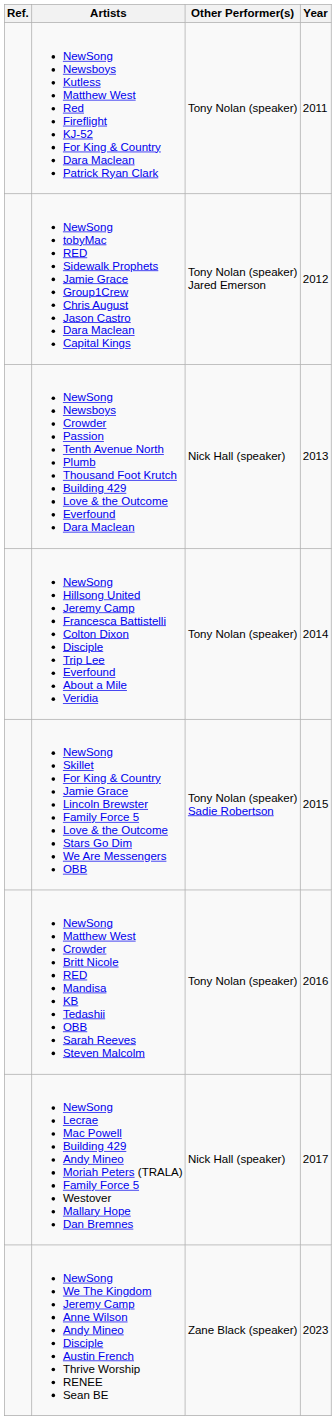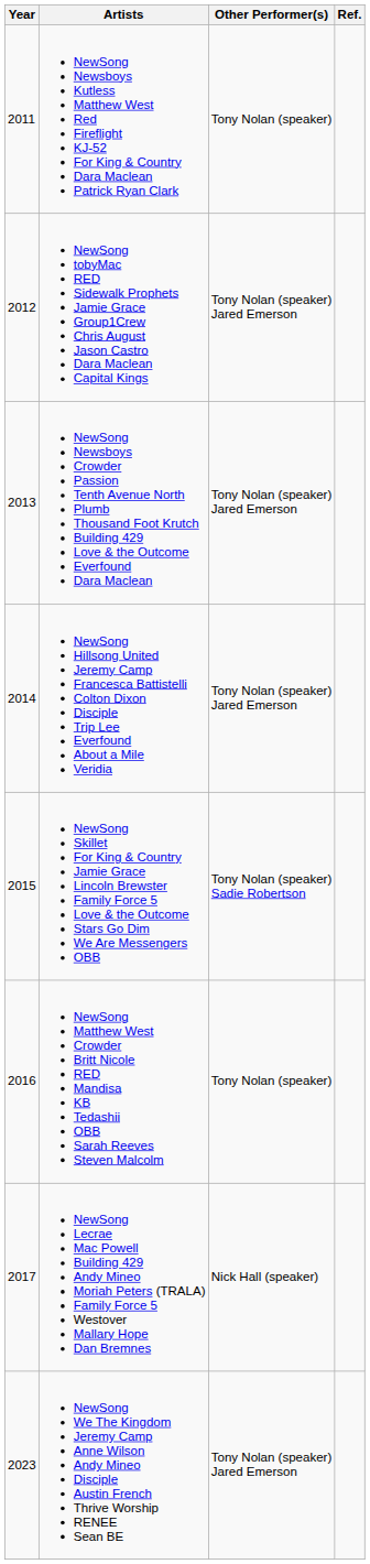 <table class="wikitable">
 <tr>
-<th>Ref.</th>
+<th>Year</th>
 <th>Artists</th>
 <th>Other Performer(s)</th>
-<th>Year</th>
+<th>Ref.</th>
 </tr>
 <tr>
-<td></td>
+<td>2011</td>
 <td><br><ul><li><a href='#'>NewSong</a></li><li><a href='#'>Newsboys</a></li><li><a href='#'>Kutless</a></li><li><a href='#'>Matthew West</a></li><li><a href='#'>Red</a></li><li><a href='#'>Fireflight</a></li><li><a href='#'>KJ-52</a></li><li><a href='#'>For King & Country</a></li><li><a href='#'>Dara Maclean</a></li><li><a href='#'>Patrick Ryan Clark</a></li></ul></td>
 <td>Tony Nolan (speaker)</td>
-<td>2011</td>
+<td></td>
 </tr>
 <tr>
-<td></td>
+<td>2012</td>
 <td><br><ul><li><a href='#'>NewSong</a></li><li><a href='#'>tobyMac</a></li><li><a href='#'>RED</a></li><li><a href='#'>Sidewalk Prophets</a></li><li><a href='#'>Jamie Grace</a></li><li><a href='#'>Group1Crew</a></li><li><a href='#'>Chris August</a></li><li><a href='#'>Jason Castro</a></li><li><a href='#'>Dara Maclean</a></li><li><a href='#'>Capital Kings</a></li></ul></td>
 <td>Tony Nolan (speaker)<br>Jared Emerson</td>
-<td>2012</td>
+<td></td>
 </tr>
 <tr>
+<td>2013</td>
+<td><br><ul><li><a href='#'>NewSong</a></li><li><a href='#'>Newsboys</a></li><li><a href='#'>Crowder</a></li><li><a href='#'>Passion</a></li><li><a href='#'>Tenth Avenue North</a></li><li><a href='#'>Plumb</a></li><li><a href='#'>Thousand Foot Krutch</a></li><li><a href='#'>Building 429</a></li><li><a href='#'>Love & the Outcome</a></li><li><a href='#'>Everfound</a></li><li><a href='#'>Dara Maclean</a></li></ul></td>
+<td>Tony Nolan (speaker)<br>Jared Emerson</td>
 <td></td>
-<td><br><ul><li><a href='#'>NewSong</a></li><li><a href='#'>Newsboys</a></li><li><a href='#'>Crowder</a></li><li><a href='#'>Passion</a></li><li><a href='#'>Tenth Avenue North</a></li><li><a href='#'>Plumb</a></li><li><a href='#'>Thousand Foot Krutch</a></li><li><a href='#'>Building 429</a></li><li><a href='#'>Love & the Outcome</a></li><li><a href='#'>Everfound</a></li><li><a href='#'>Dara Maclean</a></li></ul></td>
-<td>Nick Hall (speaker)</td>
-<td>2013</td>
 </tr>
 <tr>
+<td>2014</td>
+<td><br><ul><li><a href='#'>NewSong</a></li><li><a href='#'>Hillsong United</a></li><li><a href='#'>Jeremy Camp</a></li><li><a href='#'>Francesca Battistelli</a></li><li><a href='#'>Colton Dixon</a></li><li><a href='#'>Disciple</a></li><li><a href='#'>Trip Lee</a></li><li><a href='#'>Everfound</a></li><li><a href='#'>About a Mile</a></li><li><a href='#'>Veridia</a></li></ul></td>
+<td>Tony Nolan (speaker)<br>Jared Emerson</td>
 <td></td>
-<td><br><ul><li><a href='#'>NewSong</a></li><li><a href='#'>Hillsong United</a></li><li><a href='#'>Jeremy Camp</a></li><li><a href='#'>Francesca Battistelli</a></li><li><a href='#'>Colton Dixon</a></li><li><a href='#'>Disciple</a></li><li><a href='#'>Trip Lee</a></li><li><a href='#'>Everfound</a></li><li><a href='#'>About a Mile</a></li><li><a href='#'>Veridia</a></li></ul></td>
-<td>Tony Nolan (speaker)</td>
-<td>2014</td>
 </tr>
 <tr>
-<td></td>
+<td>2015</td>
 <td><br><ul><li><a href='#'>NewSong</a></li><li><a href='#'>Skillet</a></li><li><a href='#'>For King & Country</a></li><li><a href='#'>Jamie Grace</a></li><li><a href='#'>Lincoln Brewster</a></li><li><a href='#'>Family Force 5</a></li><li><a href='#'>Love & the Outcome</a></li><li><a href='#'>Stars Go Dim</a></li><li><a href='#'>We Are Messengers</a></li><li><a href='#'>OBB</a></li></ul></td>
 <td>Tony Nolan (speaker)<br><a href='#'>Sadie Robertson</a></td>
-<td>2015</td>
+<td></td>
 </tr>
 <tr>
-<td><br></td>
+<td>2016</td>
 <td><br><ul><li><a href='#'>NewSong</a></li><li><a href='#'>Matthew West</a></li><li><a href='#'>Crowder</a></li><li><a href='#'>Britt Nicole</a></li><li><a href='#'>RED</a></li><li><a href='#'>Mandisa</a></li><li><a href='#'>KB</a></li><li><a href='#'>Tedashii</a></li><li><a href='#'>OBB</a></li><li><a href='#'>Sarah Reeves</a></li><li><a href='#'>Steven Malcolm</a></li></ul></td>
 <td>Tony Nolan (speaker)</td>
-<td>2016</td>
+<td><br></td>
 </tr>
 <tr>
-<td></td>
+<td>2017</td>
 <td><br><ul><li><a href='#'>NewSong</a></li><li><a href='#'>Lecrae</a></li><li><a href='#'>Mac Powell</a></li><li><a href='#'>Building 429</a></li><li><a href='#'>Andy Mineo</a></li><li><a href='#'>Moriah Peters</a> (TRALA)</li><li><a href='#'>Family Force 5</a></li><li>Westover</li><li><a href='#'>Mallary Hope</a></li><li><a href='#'>Dan Bremnes</a></li></ul></td>
 <td>Nick Hall (speaker)</td>
-<td>2017</td>
+<td></td>
 </tr>
 <tr>
+<td>2023</td>
+<td><br><ul><li><a href='#'>NewSong</a></li><li><a href='#'>We The Kingdom</a></li><li><a href='#'>Jeremy Camp</a></li><li><a href='#'>Anne Wilson</a></li><li><a href='#'>Andy Mineo</a></li><li><a href='#'>Disciple</a></li><li><a href='#'>Austin French</a></li><li>Thrive Worship</li><li>RENEE</li><li>Sean BE</li></ul></td>
+<td>Tony Nolan (speaker)<br>Jared Emerson</td>
 <td></td>
-<td><br><ul><li><a href='#'>NewSong</a></li><li><a href='#'>We The Kingdom</a></li><li><a href='#'>Jeremy Camp</a></li><li><a href='#'>Anne Wilson</a></li><li><a href='#'>Andy Mineo</a></li><li><a href='#'>Disciple</a></li><li><a href='#'>Austin French</a></li><li>Thrive Worship</li><li>RENEE</li><li>Sean BE</li></ul></td>
-<td>Zane Black (speaker)</td>
-<td>2023</td>
 </tr>
 </table>
